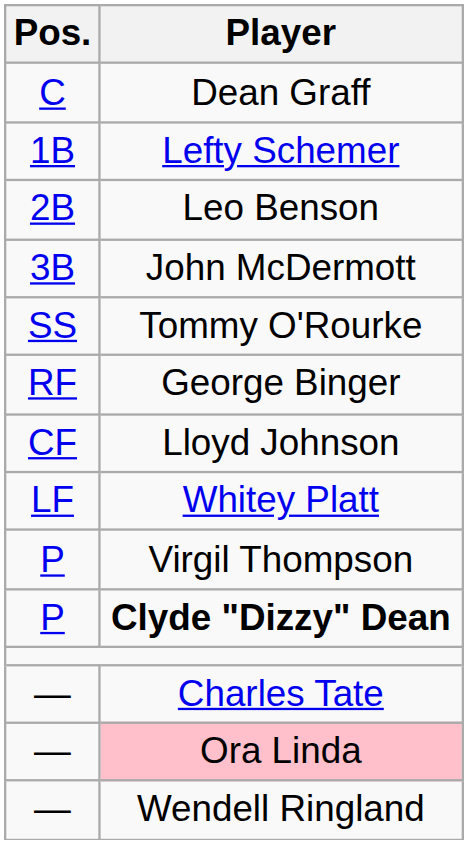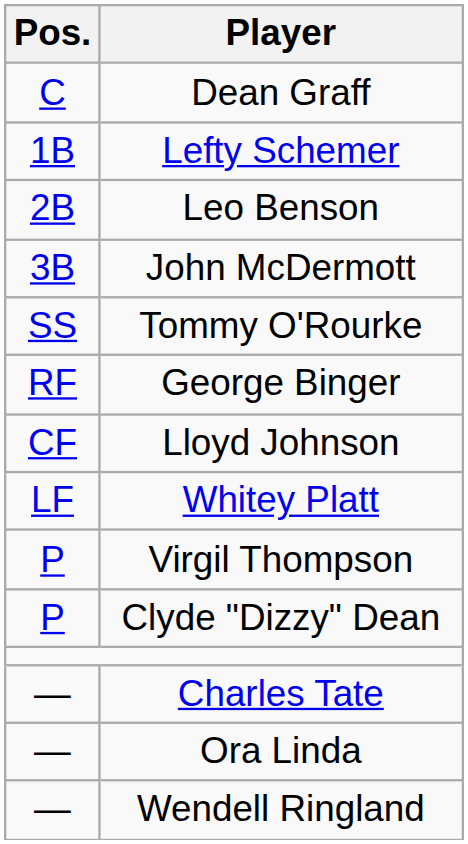 <table class="wikitable" style="font-size: 100%; text-align:center;">
 <tr>
 <th>Pos.</th>
 <th width="150">Player</th>
 </tr>
 <tr>
 <td><a href='#'>C</a></td>
 <td>Dean Graff </td>
 </tr>
 <tr>
 <td><a href='#'>1B</a></td>
 <td><a href='#'>Lefty Schemer</a></td>
 </tr>
 <tr>
 <td><a href='#'>2B</a></td>
 <td>Leo Benson</td>
 </tr>
 <tr>
 <td><a href='#'>3B</a></td>
 <td>John McDermott</td>
 </tr>
 <tr>
 <td><a href='#'>SS</a></td>
 <td>Tommy O'Rourke</td>
 </tr>
 <tr>
 <td><a href='#'>RF</a></td>
 <td>George Binger</td>
 </tr>
 <tr>
 <td><a href='#'>CF</a></td>
 <td>Lloyd Johnson</td>
 </tr>
 <tr>
 <td><a href='#'>LF</a></td>
 <td><a href='#'>Whitey Platt</a></td>
 </tr>
 <tr>
 <td><a href='#'>P</a></td>
 <td>Virgil Thompson</td>
 </tr>
 <tr>
 <td><a href='#'>P</a></td>
-<td><strong>Clyde "Dizzy" Dean</strong></td>
+<td>Clyde "Dizzy" Dean</td>
 </tr>
 <tr>
 <td colspan=3 style="border-top:none;border-bottom:none;"></td>
 </tr>
 <tr>
 <td>—</td>
 <td><a href='#'>Charles Tate</a></td>
 </tr>
 <tr>
 <td>—</td>
-<td style="background: pink;">Ora Linda</td>
+<td>Ora Linda</td>
 </tr>
 <tr>
 <td>—</td>
 <td>Wendell Ringland</td>
 </tr>
 <tr>
 </tr>
 </table>
